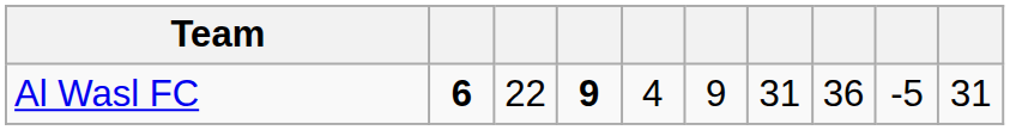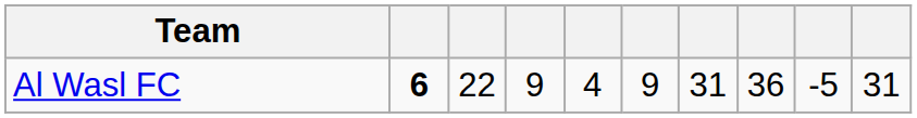 <table class="wikitable" style="text-align: center;">
 <tr>
 <th width="175">Team</th>
 <th width="20"></th>
 <th width="20"></th>
 <th width="20"></th>
 <th width="20"></th>
 <th width="20"></th>
 <th width="20"></th>
 <th width="20"></th>
 <th width="20"></th>
 <th width="20"></th>
 </tr>
 <tr>
 <td align=left> <a href='#'>Al Wasl FC</a></td>
 <td><strong>6</strong></td>
 <td>22</td>
-<td><strong>9</strong></td>
+<td>9</td>
 <td>4</td>
 <td>9</td>
 <td>31</td>
 <td>36</td>
 <td>-5</td>
 <td>31</td>
 </tr>
 </table>
